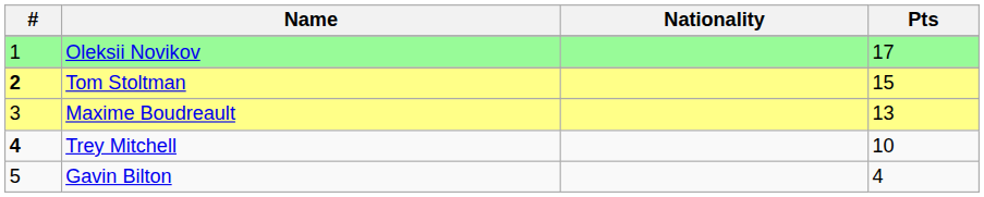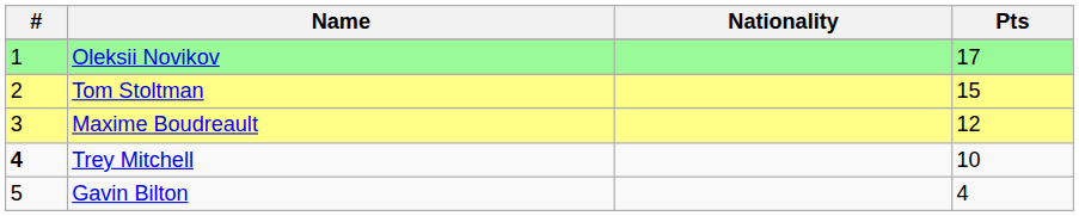 <table class="wikitable" style="display: inline-table;width: 50%;">
 <tr>
 <th>#</th>
 <th>Name</th>
 <th>Nationality</th>
 <th>Pts</th>
 </tr>
 <tr>
 </tr>
 <tr style="background:palegreen">
 <td>1</td>
 <td><a href='#'>Oleksii Novikov</a></td>
 <td></td>
 <td>17</td>
 </tr>
 <tr>
 </tr>
 <tr style="background:#ff8">
-<td><strong>2</strong></td>
+<td>2</td>
 <td><a href='#'>Tom Stoltman</a></td>
 <td></td>
 <td>15</td>
 </tr>
 <tr>
 </tr>
 <tr style="background:#ff8">
 <td>3</td>
 <td><a href='#'>Maxime Boudreault</a></td>
 <td></td>
-<td>13</td>
+<td>12</td>
 </tr>
 <tr>
 <td><strong>4</strong></td>
 <td><a href='#'>Trey Mitchell</a></td>
 <td></td>
 <td>10</td>
 </tr>
 <tr>
 <td>5</td>
 <td><a href='#'>Gavin Bilton</a></td>
 <td></td>
 <td>4</td>
 </tr>
 </table>
